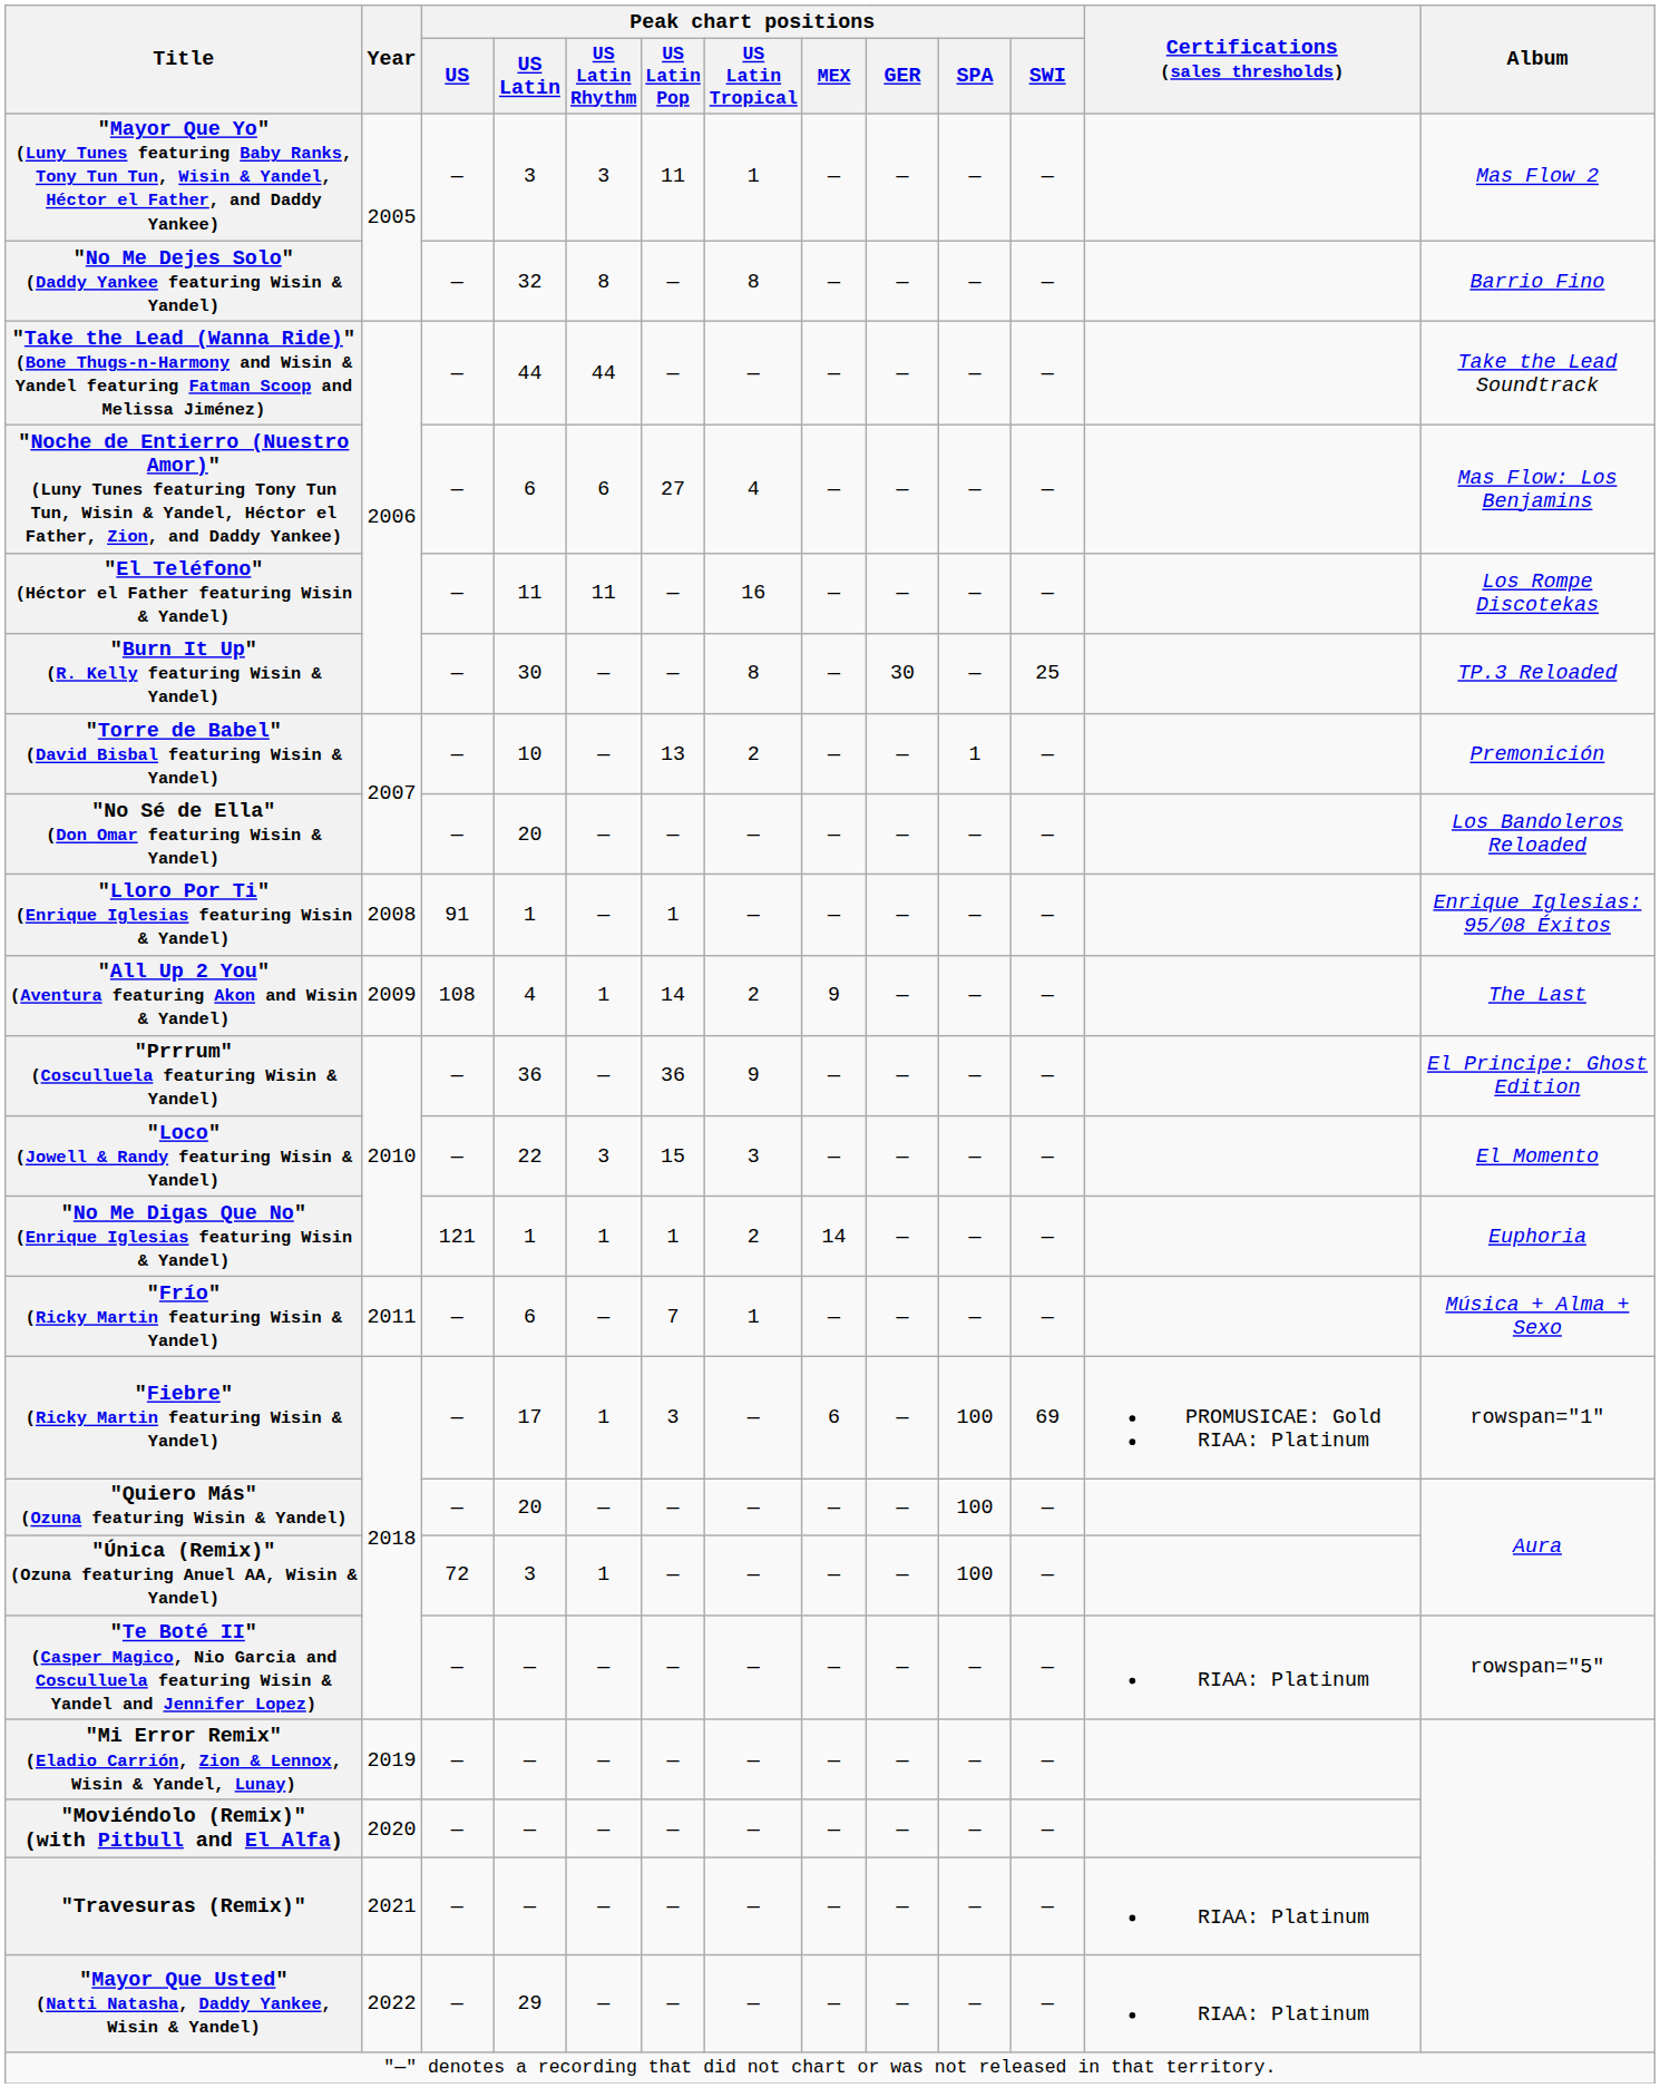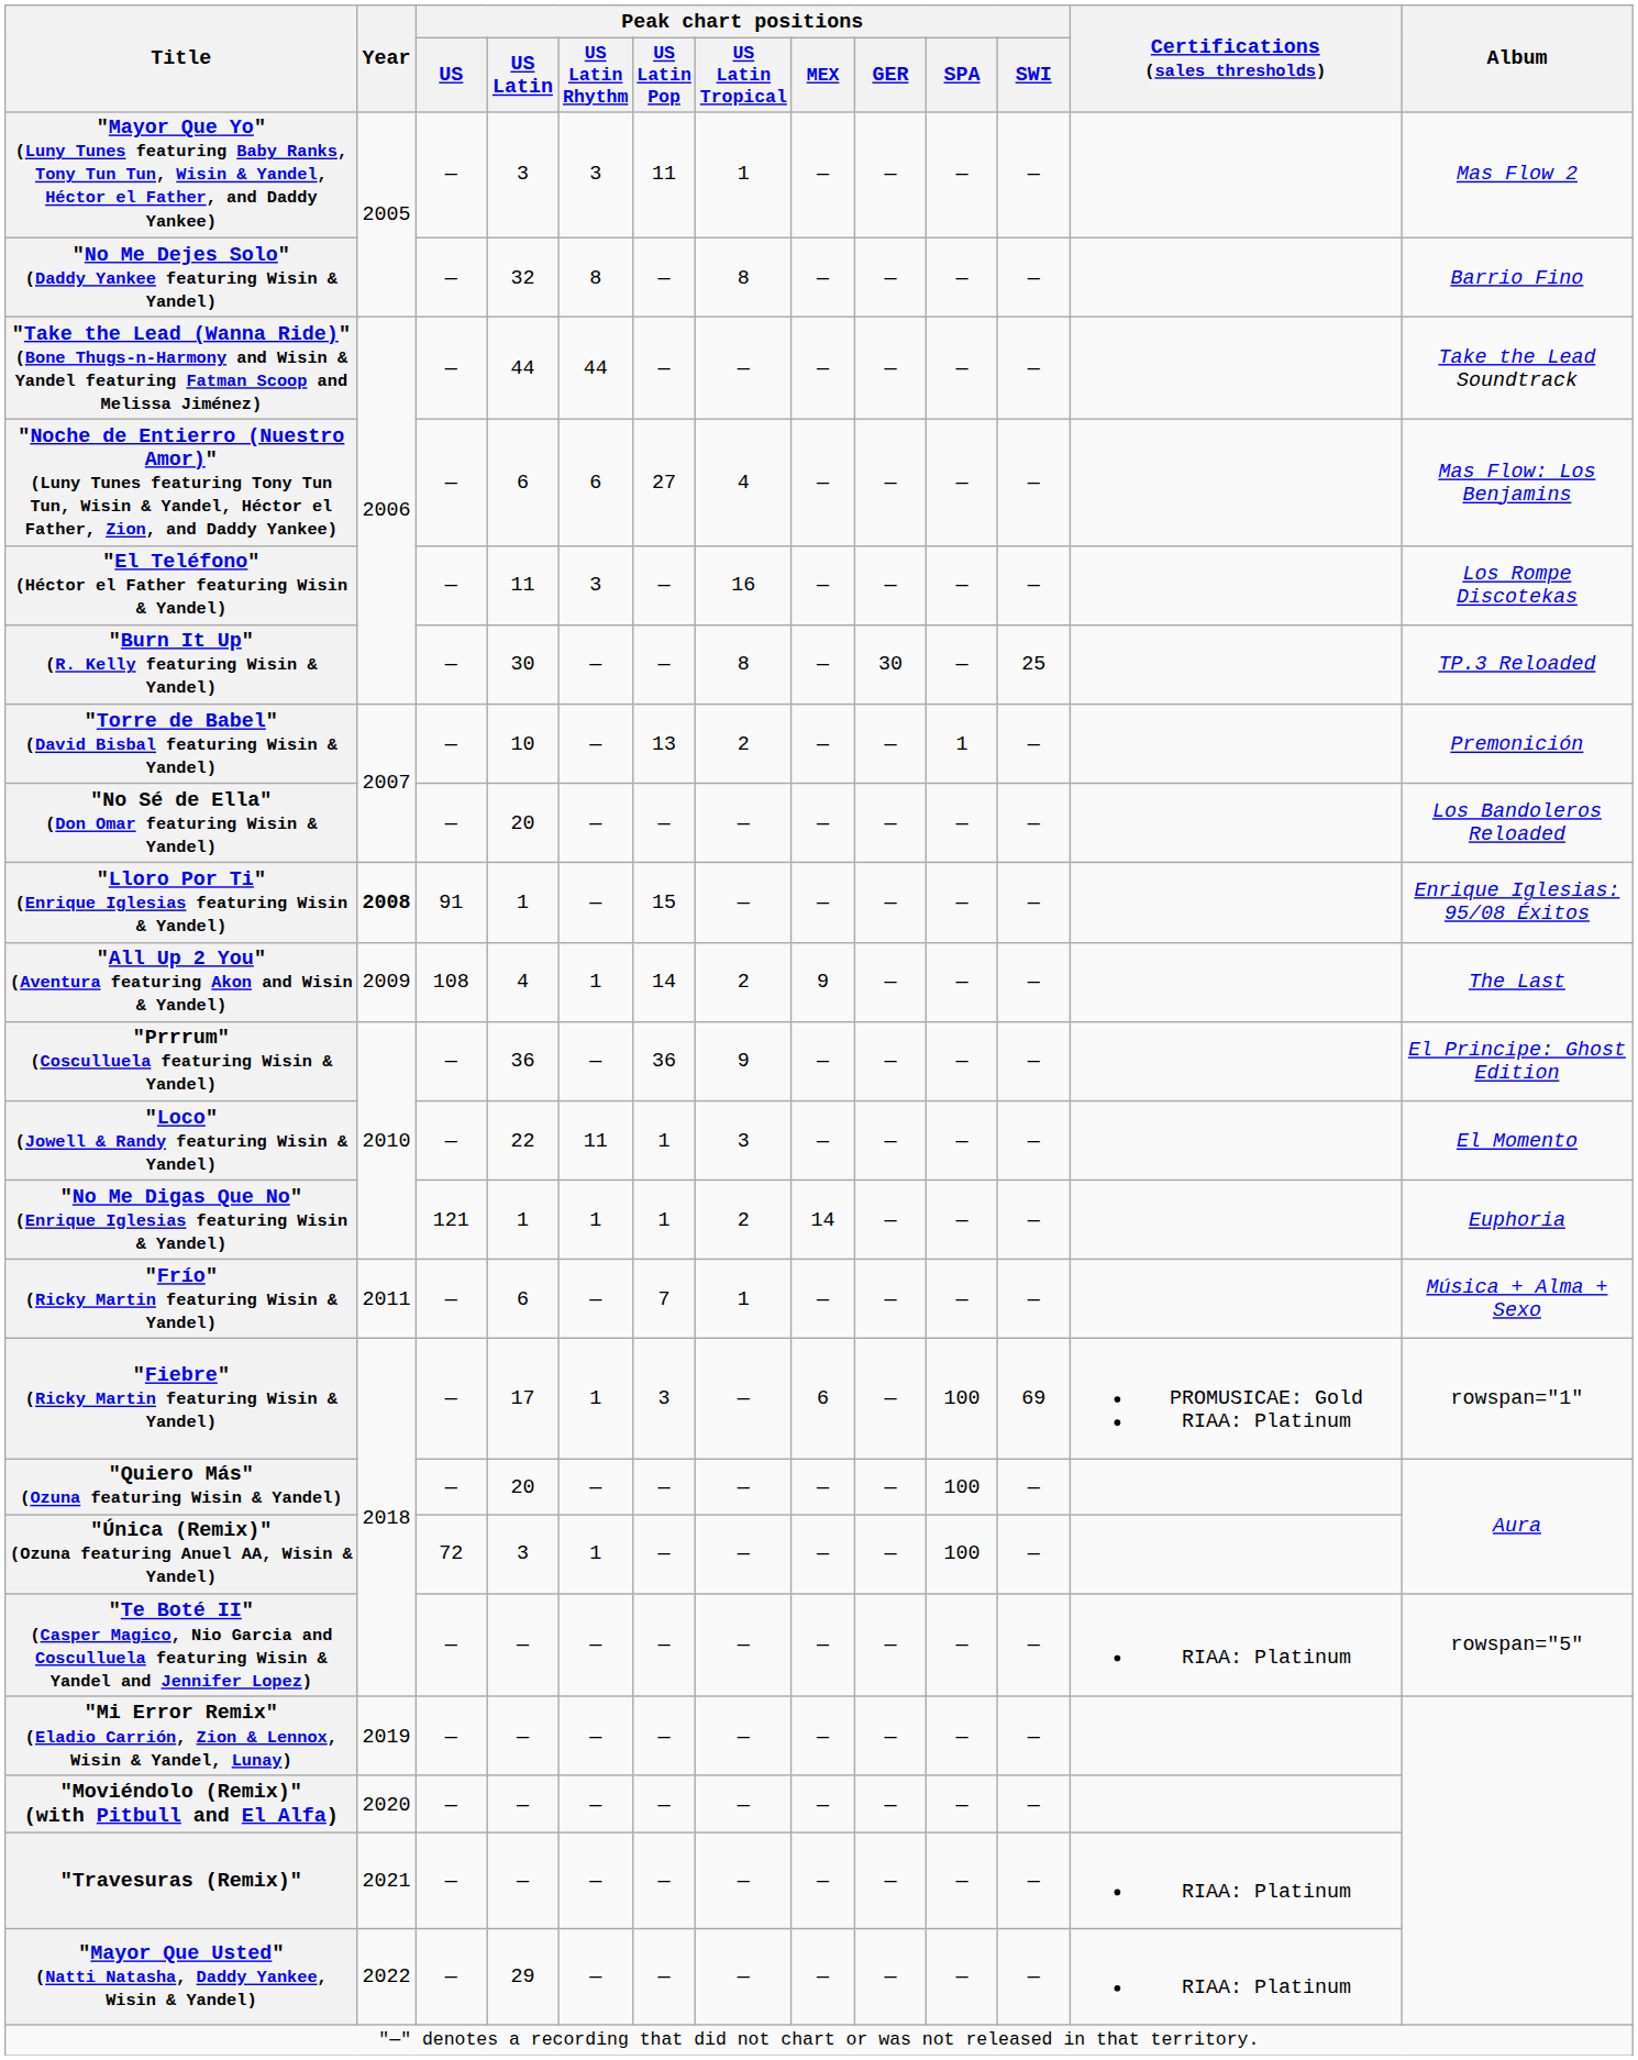 <table class="wikitable plainrowheaders" style="text-align:center;">
 <tr>
 <th scope="col" rowspan="2" style="width:17em;">Title</th>
 <th scope="col" rowspan="2" style="width:1em;">Year</th>
 <th scope="col" colspan="9" style="width:2em;">Peak chart positions</th>
 <th scope="col" rowspan="2" style="width:16em;"><a href='#'>Certifications</a><br><small>(<a href='#'>sales thresholds</a>)</small></th>
 <th scope="col" rowspan="2" style="width:11em;">Album</th>
 </tr>
 <tr>
 <th scope="col" style="width:40px;"><a href='#'>US</a><br></th>
 <th scope="col" style="width:40px;"><a href='#'>US<br>Latin</a><br></th>
 <th scope="col" style="width:3em;font-size:90%;"><a href='#'>US <br> Latin Rhythm</a><br></th>
 <th scope="col" style="width:3em;font-size:90%;"><a href='#'>US <br> Latin<br>Pop</a><br></th>
 <th scope="col" style="width:3em;font-size:90%;"><a href='#'>US <br> Latin Tropical</a><br></th>
 <th scope="col" style="width:3em;font-size:90%;"><a href='#'>MEX</a><br></th>
 <th scope="col" style="width:40px;"><a href='#'>GER</a><br></th>
 <th scope="col" style="width:40px;"><a href='#'>SPA</a><br></th>
 <th scope="col" style="width:40px;"><a href='#'>SWI</a><br></th>
 </tr>
 <tr style="text-align:center;">
 <th scope="row">"<a href='#'>Mayor Que Yo</a>" <br><small>(<a href='#'>Luny Tunes</a> featuring <a href='#'>Baby Ranks</a>, <a href='#'>Tony Tun Tun</a>, <a href='#'>Wisin & Yandel</a>, <a href='#'>Héctor el Father</a>, and Daddy Yankee)</small></th>
 <td rowspan="2">2005</td>
 <td>—</td>
 <td>3</td>
 <td>3</td>
 <td>11</td>
 <td>1</td>
 <td>—</td>
 <td>—</td>
 <td>—</td>
 <td>—</td>
 <td></td>
 <td><em><a href='#'>Mas Flow 2</a></em></td>
 </tr>
 <tr>
 <th scope="row">"<a href='#'>No Me Dejes Solo</a>"<br><small>(<a href='#'>Daddy Yankee</a> featuring Wisin & Yandel)</small></th>
 <td align="center">—</td>
 <td align="center">32</td>
 <td align="center">8</td>
 <td align="center">—</td>
 <td align="center">8</td>
 <td align="center">—</td>
 <td align="center">—</td>
 <td align="center">—</td>
 <td align="center">—</td>
 <td></td>
 <td rowspan="1"><em><a href='#'>Barrio Fino</a></em></td>
 </tr>
 <tr>
 <th scope="row">"<a href='#'>Take the Lead (Wanna Ride)</a>" <br><small>(<a href='#'>Bone Thugs-n-Harmony</a> and Wisin & Yandel featuring <a href='#'>Fatman Scoop</a> and Melissa Jiménez)</small></th>
 <td rowspan="4">2006</td>
 <td align="center">—</td>
 <td align="center">44</td>
 <td align="center">44</td>
 <td align="center">—</td>
 <td align="center">—</td>
 <td align="center">—</td>
 <td align="center">—</td>
 <td align="center">—</td>
 <td align="center">—</td>
 <td></td>
 <td rowspan="1"><em><a href='#'>Take the Lead</a> Soundtrack</em></td>
 </tr>
 <tr>
 <th scope="row">"<a href='#'>Noche de Entierro (Nuestro Amor)</a>" <br><small>(Luny Tunes featuring Tony Tun Tun, Wisin & Yandel, Héctor el Father, <a href='#'>Zion</a>, and Daddy Yankee)</small></th>
 <td>—</td>
 <td>6</td>
 <td>6</td>
 <td>27</td>
 <td>4</td>
 <td>—</td>
 <td>—</td>
 <td>—</td>
 <td>—</td>
 <td></td>
 <td><em><a href='#'>Mas Flow: Los Benjamins</a></em></td>
 </tr>
 <tr>
 <th scope="row">"<a href='#'>El Teléfono</a>" <br><small>(Héctor el Father featuring Wisin & Yandel)</small></th>
 <td>—</td>
 <td>11</td>
-<td>11</td>
+<td align="center">3</td>
 <td>—</td>
 <td>16</td>
 <td>—</td>
 <td>—</td>
 <td>—</td>
 <td>—</td>
 <td></td>
 <td><em><a href='#'>Los Rompe Discotekas</a></em></td>
 </tr>
 <tr>
 <th scope="row">"<a href='#'>Burn It Up</a>" <br><small>(<a href='#'>R. Kelly</a> featuring Wisin & Yandel)</small></th>
 <td align="center">—</td>
 <td align="center">30</td>
 <td align="center">—</td>
 <td align="center">—</td>
 <td align="center">8</td>
 <td align="center">—</td>
 <td align="center">30</td>
 <td align="center">—</td>
 <td align="center">25</td>
 <td></td>
 <td rowspan="1"><em><a href='#'>TP.3 Reloaded</a></em></td>
 </tr>
 <tr>
 <th scope="row">"<a href='#'>Torre de Babel</a>" <br><small>(<a href='#'>David Bisbal</a> featuring Wisin & Yandel)</small></th>
 <td rowspan="2">2007</td>
 <td align="center">—</td>
 <td align="center">10</td>
 <td align="center">—</td>
 <td align="center">13</td>
 <td align="center">2</td>
 <td align="center">—</td>
 <td align="center">—</td>
 <td align="center">1</td>
 <td align="center">—</td>
 <td></td>
 <td rowspan="1"><em><a href='#'>Premonición</a></em></td>
 </tr>
 <tr>
 <th scope="row">"No Sé de Ella" <br><small>(<a href='#'>Don Omar</a> featuring Wisin & Yandel)</small></th>
 <td align="center">—</td>
 <td align="center">20</td>
 <td align="center">—</td>
 <td align="center">—</td>
 <td align="center">—</td>
 <td align="center">—</td>
 <td align="center">—</td>
 <td align="center">—</td>
 <td align="center">—</td>
 <td></td>
 <td rowspan="1"><em><a href='#'>Los Bandoleros Reloaded</a></em></td>
 </tr>
 <tr>
 <th scope="row">"<a href='#'>Lloro Por Ti</a>" <br><small>(<a href='#'>Enrique Iglesias</a> featuring Wisin & Yandel)</small></th>
-<td rowspan="1">2008</td>
+<td rowspan="1"><strong>2008</strong></td>
 <td align="center">91</td>
 <td align="center">1</td>
 <td align="center">—</td>
-<td align="center">1</td>
+<td align="center">15</td>
 <td align="center">—</td>
 <td align="center">—</td>
 <td align="center">—</td>
 <td align="center">—</td>
 <td align="center">—</td>
 <td></td>
 <td rowspan="1"><em><a href='#'>Enrique Iglesias: 95/08 Éxitos</a></em></td>
 </tr>
 <tr>
 <th scope="row">"<a href='#'>All Up 2 You</a>" <br><small>(<a href='#'>Aventura</a> featuring <a href='#'>Akon</a> and Wisin & Yandel)</small></th>
 <td rowspan="1">2009</td>
 <td align="center">108</td>
 <td align="center">4</td>
 <td align="center">1</td>
 <td align="center">14</td>
 <td align="center">2</td>
 <td align="center">9</td>
 <td align="center">—</td>
 <td align="center">—</td>
 <td align="center">—</td>
 <td></td>
 <td rowspan="1"><em><a href='#'>The Last</a></em></td>
 </tr>
 <tr>
 <th scope="row">"Prrrum" <br><small>(<a href='#'>Cosculluela</a> featuring Wisin & Yandel)</small></th>
 <td rowspan="3">2010</td>
 <td align="center">—</td>
 <td align="center">36</td>
 <td align="center">—</td>
 <td align="center">36</td>
 <td align="center">9</td>
 <td align="center">—</td>
 <td align="center">—</td>
 <td align="center">—</td>
 <td align="center">—</td>
 <td></td>
 <td rowspan="1"><em><a href='#'>El Principe: Ghost Edition</a></em></td>
 </tr>
 <tr>
 <th scope="row">"<a href='#'>Loco</a>" <br><small>(<a href='#'>Jowell & Randy</a> featuring Wisin & Yandel)</small></th>
 <td align="center">—</td>
 <td align="center">22</td>
-<td align="center">3</td>
-<td align="center">15</td>
+<td>11</td>
+<td align="center">1</td>
 <td align="center">3</td>
 <td align="center">—</td>
 <td align="center">—</td>
 <td align="center">—</td>
 <td align="center">—</td>
 <td></td>
 <td rowspan="1"><em><a href='#'>El Momento</a></em></td>
 </tr>
 <tr>
 <th scope="row">"<a href='#'>No Me Digas Que No</a>" <br><small>(<a href='#'>Enrique Iglesias</a> featuring Wisin & Yandel)</small></th>
 <td align="center">121</td>
 <td align="center">1</td>
 <td align="center">1</td>
 <td align="center">1</td>
 <td align="center">2</td>
 <td align="center">14</td>
 <td align="center">—</td>
 <td align="center">—</td>
 <td align="center">—</td>
 <td></td>
 <td rowspan="1"><em><a href='#'>Euphoria</a></em></td>
 </tr>
 <tr>
 <th scope="row">"<a href='#'>Frío</a>" <br><small>(<a href='#'>Ricky Martin</a> featuring Wisin & Yandel)</small></th>
 <td rowspan="1">2011</td>
 <td align="center">—</td>
 <td align="center">6</td>
 <td align="center">—</td>
 <td align="center">7</td>
 <td>1</td>
 <td align="center">—</td>
 <td align="center">—</td>
 <td align="center">—</td>
 <td align="center">—</td>
 <td></td>
 <td rowspan="1"><em><a href='#'>Música + Alma + Sexo</a></em></td>
 </tr>
 <tr>
 <th scope="row">"<a href='#'>Fiebre</a>" <br><small>(<a href='#'>Ricky Martin</a> featuring Wisin & Yandel)</small></th>
 <td rowspan="4">2018</td>
 <td align="center">—</td>
 <td align="center">17</td>
 <td align="center">1</td>
 <td align="center">3</td>
 <td align="center">—</td>
 <td align="center">6</td>
 <td align="center">—</td>
 <td align="center">100</td>
 <td align="center">69</td>
 <td><br><ul><li>PROMUSICAE: Gold</li><li>RIAA: Platinum </li></ul></td>
 <td>rowspan="1" </td>
 </tr>
 <tr>
 <th scope="row">"Quiero Más" <br><small>(<a href='#'>Ozuna</a> featuring Wisin & Yandel)</small></th>
 <td align="center">—</td>
 <td align="center">20</td>
 <td align="center">—</td>
 <td align="center">—</td>
 <td align="center">—</td>
 <td align="center">—</td>
 <td align="center">—</td>
 <td align="center">100</td>
 <td align="center">—</td>
 <td></td>
 <td rowspan="2"><em><a href='#'>Aura</a></em></td>
 </tr>
 <tr>
 <th scope="row">"Única (Remix)" <br><small>(Ozuna featuring Anuel AA, Wisin & Yandel)</small></th>
 <td align="center">72</td>
 <td align="center">3</td>
 <td align="center">1</td>
 <td align="center">—</td>
 <td align="center">—</td>
 <td align="center">—</td>
 <td align="center">—</td>
 <td align="center">100</td>
 <td align="center">—</td>
 <td></td>
 </tr>
 <tr>
 <th scope="row">"<a href='#'>Te Boté II</a>" <br><small>(<a href='#'>Casper Magico</a>, Nio Garcia and <a href='#'>Cosculluela</a> featuring Wisin & Yandel and <a href='#'>Jennifer Lopez</a>)</small></th>
 <td align="center">—</td>
 <td align="center">—</td>
 <td align="center">—</td>
 <td align="center">—</td>
 <td align="center">—</td>
 <td align="center">—</td>
 <td align="center">—</td>
 <td align="center">—</td>
 <td align="center">—</td>
 <td><br><ul><li>RIAA: Platinum </li></ul></td>
 <td>rowspan="5" </td>
 </tr>
 <tr>
 <th scope="row">"Mi Error Remix" <br><small>(<a href='#'>Eladio Carrión</a>, <a href='#'>Zion & Lennox</a>, Wisin & Yandel, <a href='#'>Lunay</a>)</small></th>
 <td>2019</td>
 <td align="center">—</td>
 <td align="center">—</td>
 <td align="center">—</td>
 <td align="center">—</td>
 <td align="center">—</td>
 <td align="center">—</td>
 <td align="center">—</td>
 <td align="center">—</td>
 <td align="center">—</td>
 <td></td>
 </tr>
 <tr>
 <th scope="row">"Moviéndolo (Remix)"<span><br>(with <a href='#'>Pitbull</a> and <a href='#'>El Alfa</a>)</span></th>
 <td rowspan="1">2020</td>
 <td align="center">—</td>
 <td align="center">—</td>
 <td align="center">—</td>
 <td align="center">—</td>
 <td align="center">—</td>
 <td align="center">—</td>
 <td align="center">—</td>
 <td align="center">—</td>
 <td align="center">—</td>
 <td></td>
 </tr>
 <tr>
 <th scope="row">"Travesuras (Remix)"<br></th>
 <td rowspan="1">2021</td>
 <td align="center">—</td>
 <td align="center">—</td>
 <td align="center">—</td>
 <td align="center">—</td>
 <td align="center">—</td>
 <td align="center">—</td>
 <td align="center">—</td>
 <td align="center">—</td>
 <td align="center">—</td>
 <td><br><ul><li>RIAA: Platinum </li></ul></td>
 </tr>
 <tr>
 <th scope="row">"<a href='#'>Mayor Que Usted</a>" <br><small>(<a href='#'>Natti Natasha</a>, <a href='#'>Daddy Yankee</a>, Wisin & Yandel)</small></th>
 <td rowspan="1">2022</td>
 <td align="center">—</td>
 <td align="center">29</td>
 <td align="center">—</td>
 <td align="center">—</td>
 <td align="center">—</td>
 <td align="center">—</td>
 <td align="center">—</td>
 <td align="center">—</td>
 <td align="center">—</td>
 <td><br><ul><li>RIAA: Platinum </li></ul></td>
 </tr>
 <tr>
 <td colspan="14" style="font-size:90%">"—" denotes a recording that did not chart or was not released in that territory.</td>
 </tr>
 </table>
